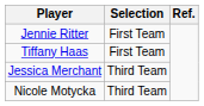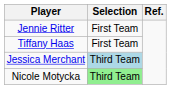 <table class="wikitable sortable sortable" style="text-align: center">
 <tr align=center>
 <th>Player</th>
 <th>Selection</th>
 <th>Ref.</th>
 </tr>
 <tr>
 <td><a href='#'>Jennie Ritter</a></td>
 <td>First Team</td>
 <td rowspan="4"></td>
 </tr>
 <tr>
 <td><a href='#'>Tiffany Haas</a></td>
 <td>First Team</td>
 </tr>
 <tr>
 <td><a href='#'>Jessica Merchant</a></td>
-<td>Third Team</td>
+<td style="background: lightblue;">Third Team</td>
 </tr>
 <tr>
 <td>Nicole Motycka</td>
-<td>Third Team</td>
+<td style="background: lightgreen;">Third Team</td>
 </tr>
 </table>
